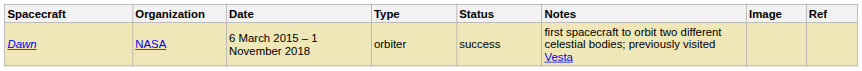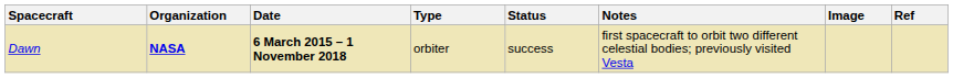 <table class="wikitable" style="margin: 1em auto 1em auto; width:90%; font-size:95%;">
 <tr>
 <th colspan="2"  style="text-align:left; width:15%;">Spacecraft</th>
 <th style="text-align:left; width:11%;">Organization</th>
 <th style="text-align:left; width:17%;">Date</th>
 <th style="text-align:left; width:10%;">Type</th>
 <th style="text-align:left; width:10%;">Status</th>
 <th style="text-align:left; width:24%;">Notes</th>
 <th style="text-align:left; width:7%;">Image</th>
 <th style="text-align:left; width:6%;">Ref</th>
 </tr>
 <tr style="background:#EFE7B8">
 <td colspan="2"><em><a href='#'>Dawn</a></em></td>
-<td> <a href='#'>NASA</a></td>
-<td>6 March 2015 – 1 November 2018</td>
+<td><strong> <a href='#'>NASA</a></strong></td>
+<td><strong>6 March 2015 – 1 November 2018</strong></td>
 <td>orbiter</td>
 <td>success</td>
 <td>first spacecraft to orbit two different celestial bodies; previously visited <a href='#'>Vesta</a></td>
 <td></td>
 <td></td>
 </tr>
 </table>
